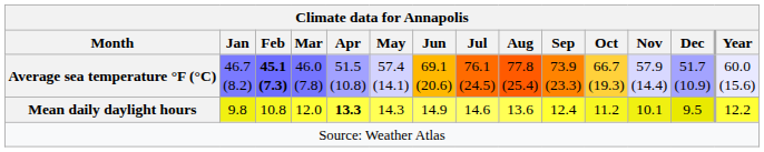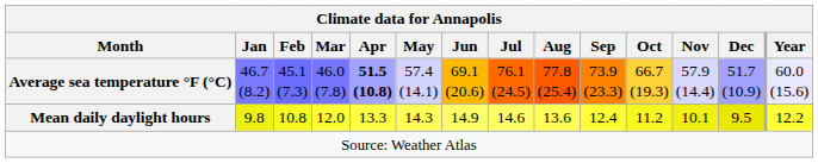 <table style="width:auto;text-align:center;line-height:1.2em;margin-right:auto" class="wikitable mw-collapsible">
 <tr>
 <th Colspan=14>Climate data for Annapolis</th>
 </tr>
 <tr>
 <th>Month</th>
 <th>Jan</th>
 <th>Feb</th>
 <th>Mar</th>
 <th>Apr</th>
 <th>May</th>
 <th>Jun</th>
 <th>Jul</th>
 <th>Aug</th>
 <th>Sep</th>
 <th>Oct</th>
 <th>Nov</th>
 <th>Dec</th>
 <th style="border-left-width:medium">Year</th>
 </tr>
 <tr>
 <th>Average sea temperature °F (°C)</th>
 <td style="background:#7A7AFF;color:#000000;">46.7<br>(8.2)</td>
-<td style="background:#6D6DFF;color:#000000;"><strong>45.1<br>(7.3)</strong></td>
+<td style="background:#6D6DFF;color:#000000;">45.1<br>(7.3)</td>
 <td style="background:#7575FF;color:#000000;">46.0<br>(7.8)</td>
-<td style="background:#A2A2FF;color:#000000;">51.5<br>(10.8)</td>
+<td style="background:#A2A2FF;color:#000000;"><strong>51.5<br>(10.8)</strong></td>
 <td style="background:#D3D3FF;color:#000000;">57.4<br>(14.1)</td>
 <td style="background:#FFB800;color:#000000;">69.1<br>(20.6)</td>
 <td style="background:#FF6B00;color:#000000;">76.1<br>(24.5)</td>
 <td style="background:#FF5A00;color:#000000;">77.8<br>(25.4)</td>
 <td style="background:#FF8300;color:#000000;">73.9<br>(23.3)</td>
 <td style="background:#FFD13B;color:#000000;">66.7<br>(19.3)</td>
 <td style="background:#D8D8FF;color:#000000;">57.9<br>(14.4)</td>
 <td style="background:#A3A3FF;color:#000000;">51.7<br>(10.9)</td>
 <td style="background:#E9E9FF;color:#000000;border-left-width:medium">60.0<br>(15.6)</td>
 </tr>
 <tr>
 <th>Mean daily daylight hours</th>
 <td style="background:#F0F011;color:#000000;">9.8</td>
 <td style="background:#F7F722;color:#000000;">10.8</td>
 <td style="background:#FFFF33;color:#000000;">12.0</td>
-<td style="background:#FFFF44;color:#000000;"><strong>13.3</strong></td>
+<td style="background:#FFFF44;color:#000000;">13.3</td>
 <td style="background:#FFFF55;color:#000000;">14.3</td>
 <td style="background:#FFFF66;color:#000000;">14.9</td>
 <td style="background:#FFFF66;color:#000000;">14.6</td>
 <td style="background:#FFFF55;color:#000000;">13.6</td>
 <td style="background:#FFFF33;color:#000000;">12.4</td>
 <td style="background:#F7F722;color:#000000;">11.2</td>
 <td style="background:#F0F011;color:#000000;">10.1</td>
 <td style="background:#E9E900;color:#000000;">9.5</td>
 <td style="background:#FFFF35;color:#000000;border-left-width:medium">12.2</td>
 </tr>
 <tr>
 <th Colspan=14 style="background:#f8f9fa;font-weight:normal;font-size:95%;">Source: Weather Atlas</th>
 </tr>
 </table>
